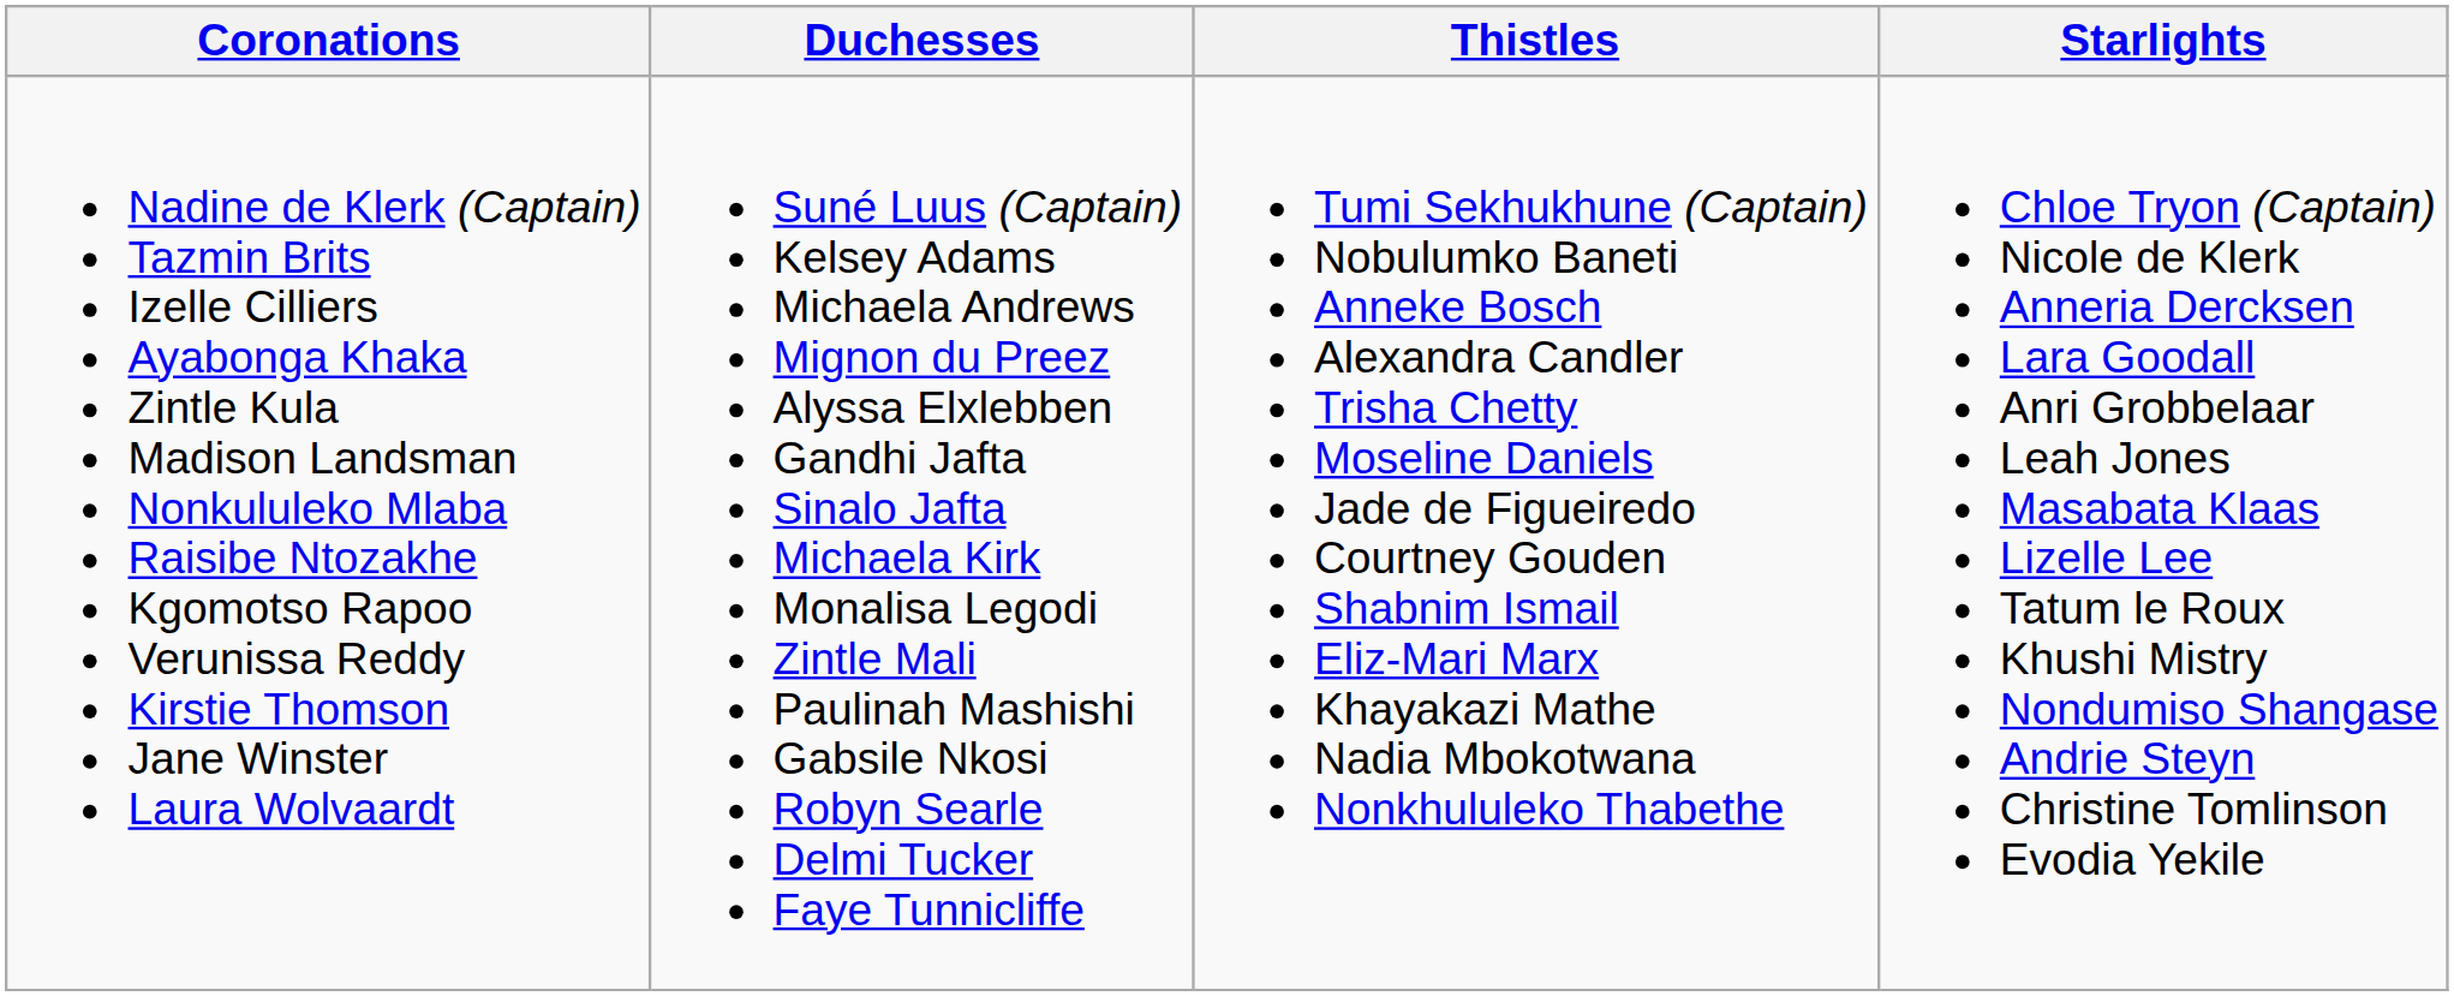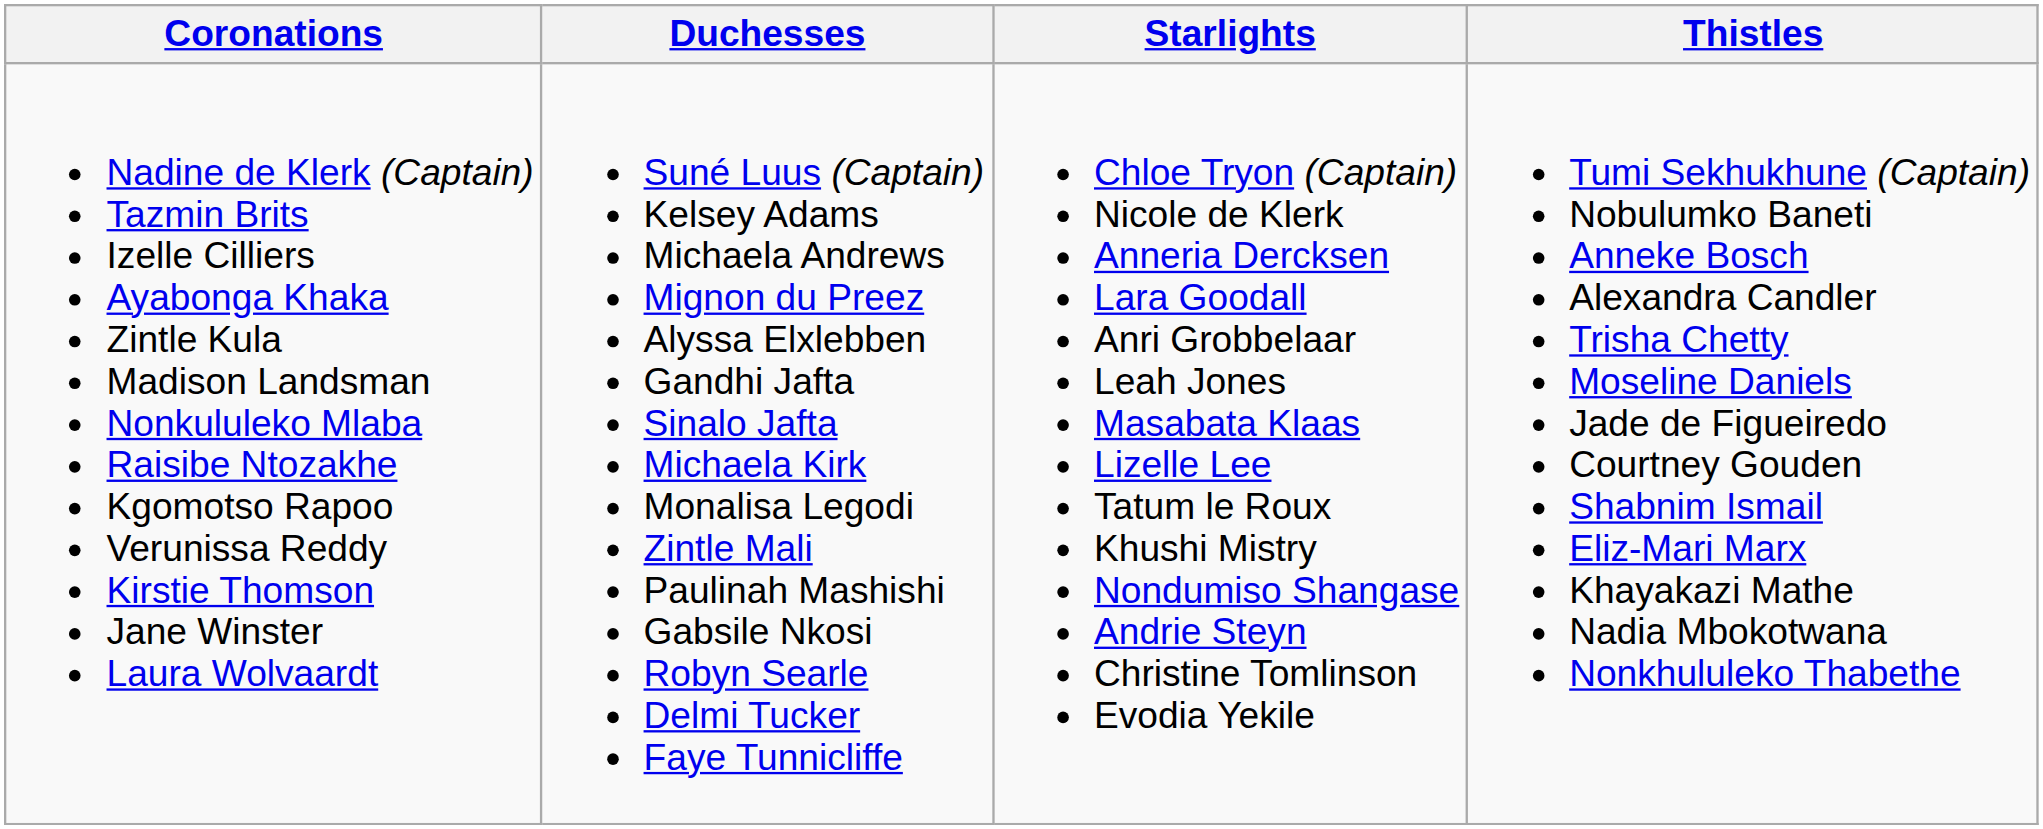 <table class="wikitable">
 <tr>
 <th><a href='#'>Coronations</a><br><small></small></th>
 <th><a href='#'>Duchesses</a><br><small></small></th>
+<th><a href='#'>Starlights</a><br><small></small></th>
 <th><a href='#'>Thistles</a><br><small></small></th>
-<th><a href='#'>Starlights</a><br><small></small></th>
 </tr>
 <tr>
 <td valign=top><br><ul><li><a href='#'>Nadine de Klerk</a> <em>(Captain)</em></li><li><a href='#'>Tazmin Brits</a></li><li>Izelle Cilliers</li><li><a href='#'>Ayabonga Khaka</a></li><li>Zintle Kula</li><li>Madison Landsman</li><li><a href='#'>Nonkululeko Mlaba</a></li><li><a href='#'>Raisibe Ntozakhe</a></li><li>Kgomotso Rapoo</li><li>Verunissa Reddy</li><li><a href='#'>Kirstie Thomson</a></li><li>Jane Winster</li><li><a href='#'>Laura Wolvaardt</a></li></ul></td>
 <td valign=top><br><ul><li><a href='#'>Suné Luus</a> <em>(Captain)</em></li><li>Kelsey Adams</li><li>Michaela Andrews</li><li><a href='#'>Mignon du Preez</a></li><li>Alyssa Elxlebben</li><li>Gandhi Jafta</li><li><a href='#'>Sinalo Jafta</a></li><li><a href='#'>Michaela Kirk</a></li><li>Monalisa Legodi</li><li><a href='#'>Zintle Mali</a></li><li>Paulinah Mashishi</li><li>Gabsile Nkosi</li><li><a href='#'>Robyn Searle</a></li><li><a href='#'>Delmi Tucker</a></li><li><a href='#'>Faye Tunnicliffe</a></li></ul></td>
+<td valign=top><br><ul><li><a href='#'>Chloe Tryon</a> <em>(Captain)</em></li><li>Nicole de Klerk</li><li><a href='#'>Anneria Dercksen</a></li><li><a href='#'>Lara Goodall</a></li><li>Anri Grobbelaar</li><li>Leah Jones</li><li><a href='#'>Masabata Klaas</a></li><li><a href='#'>Lizelle Lee</a></li><li>Tatum le Roux</li><li>Khushi Mistry</li><li><a href='#'>Nondumiso Shangase</a></li><li><a href='#'>Andrie Steyn</a></li><li>Christine Tomlinson</li><li>Evodia Yekile</li></ul></td>
 <td valign=top><br><ul><li><a href='#'>Tumi Sekhukhune</a> <em>(Captain)</em></li><li>Nobulumko Baneti</li><li><a href='#'>Anneke Bosch</a></li><li>Alexandra Candler</li><li><a href='#'>Trisha Chetty</a></li><li><a href='#'>Moseline Daniels</a></li><li>Jade de Figueiredo</li><li>Courtney Gouden</li><li><a href='#'>Shabnim Ismail</a></li><li><a href='#'>Eliz-Mari Marx</a></li><li>Khayakazi Mathe</li><li>Nadia Mbokotwana</li><li><a href='#'>Nonkhululeko Thabethe</a></li></ul></td>
-<td valign=top><br><ul><li><a href='#'>Chloe Tryon</a> <em>(Captain)</em></li><li>Nicole de Klerk</li><li><a href='#'>Anneria Dercksen</a></li><li><a href='#'>Lara Goodall</a></li><li>Anri Grobbelaar</li><li>Leah Jones</li><li><a href='#'>Masabata Klaas</a></li><li><a href='#'>Lizelle Lee</a></li><li>Tatum le Roux</li><li>Khushi Mistry</li><li><a href='#'>Nondumiso Shangase</a></li><li><a href='#'>Andrie Steyn</a></li><li>Christine Tomlinson</li><li>Evodia Yekile</li></ul></td>
 </tr>
 </table>
